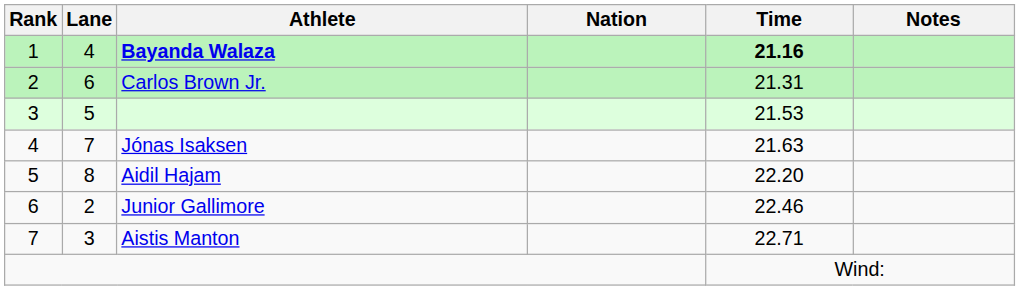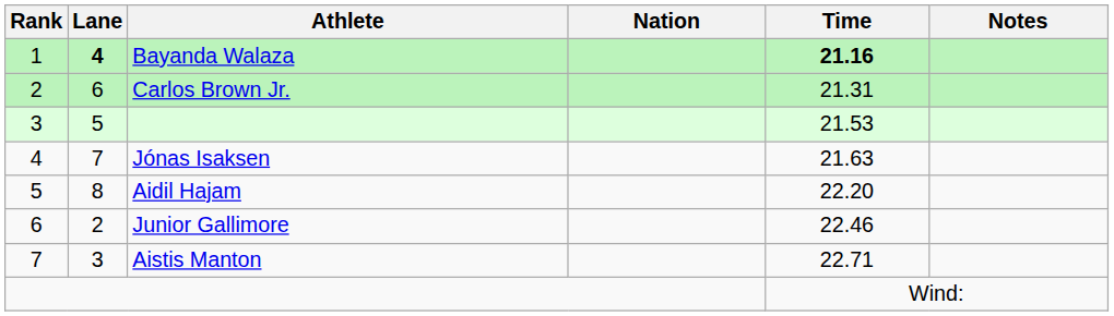 <table class="wikitable sortable" style="text-align:center;width: 65%;">
 <tr>
 <th scope="col" style="width: 10px;">Rank</th>
 <th scope="col" style="width: 10px;">Lane</th>
 <th scope="col">Athlete</th>
 <th scope="col">Nation</th>
 <th scope="col">Time</th>
 <th scope="col">Notes</th>
 </tr>
 <tr bgcolor=bbf3bb>
 <td>1</td>
-<td>4</td>
-<td align=left><strong><a href='#'>Bayanda Walaza</a></strong></td>
+<td><strong>4</strong></td>
+<td align=left><a href='#'>Bayanda Walaza</a></td>
 <td align=left></td>
 <td><strong>21.16</strong></td>
 <td></td>
 </tr>
 <tr bgcolor=bbf3bb>
 <td>2</td>
 <td>6</td>
 <td align=left><a href='#'>Carlos Brown Jr.</a></td>
 <td align=left></td>
 <td>21.31</td>
 <td></td>
 </tr>
 <tr bgcolor=ddffdd>
 <td>3</td>
 <td>5</td>
 <td align=left></td>
 <td align=left></td>
 <td>21.53</td>
 <td></td>
 </tr>
 <tr>
 <td>4</td>
 <td>7</td>
 <td align=left><a href='#'>Jónas Isaksen</a></td>
 <td align=left></td>
 <td>21.63</td>
 <td></td>
 </tr>
 <tr>
 <td>5</td>
 <td>8</td>
 <td align=left><a href='#'>Aidil Hajam</a></td>
 <td align=left></td>
 <td>22.20</td>
 <td></td>
 </tr>
 <tr>
 <td>6</td>
 <td>2</td>
 <td align=left><a href='#'>Junior Gallimore</a></td>
 <td align=left></td>
 <td>22.46</td>
 <td></td>
 </tr>
 <tr>
 <td>7</td>
 <td>3</td>
 <td align=left><a href='#'>Aistis Manton</a></td>
 <td align=left></td>
 <td>22.71</td>
 <td></td>
 </tr>
 <tr class="sortbottom">
 <td colspan="4"></td>
 <td colspan="2">Wind: </td>
 </tr>
 </table>
